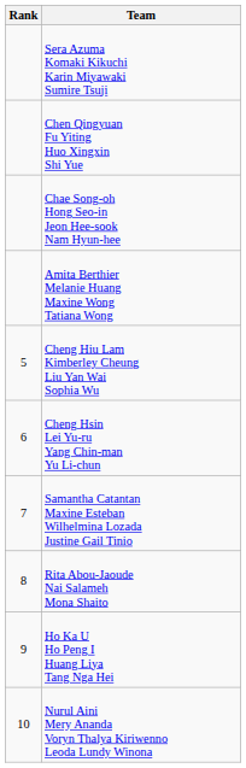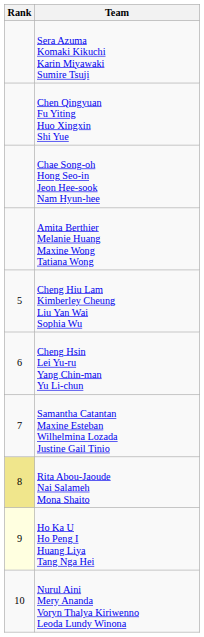 <table class="wikitable" style="text-align: center;">
 <tr>
 <th width=40>Rank</th>
 <th width=250>Team</th>
 </tr>
 <tr>
 <td></td>
 <td align=left><br><a href='#'>Sera Azuma</a><br><a href='#'>Komaki Kikuchi</a><br><a href='#'>Karin Miyawaki</a><br><a href='#'>Sumire Tsuji</a></td>
 </tr>
 <tr>
 <td></td>
 <td align=left><br><a href='#'>Chen Qingyuan</a><br><a href='#'>Fu Yiting</a><br><a href='#'>Huo Xingxin</a><br><a href='#'>Shi Yue</a></td>
 </tr>
 <tr>
 <td></td>
 <td align=left><br><a href='#'>Chae Song-oh</a><br><a href='#'>Hong Seo-in</a><br><a href='#'>Jeon Hee-sook</a><br><a href='#'>Nam Hyun-hee</a></td>
 </tr>
 <tr>
 <td></td>
 <td align=left><br><a href='#'>Amita Berthier</a><br><a href='#'>Melanie Huang</a><br><a href='#'>Maxine Wong</a><br><a href='#'>Tatiana Wong</a></td>
 </tr>
 <tr>
 <td>5</td>
 <td align=left><br><a href='#'>Cheng Hiu Lam</a><br><a href='#'>Kimberley Cheung</a><br><a href='#'>Liu Yan Wai</a><br><a href='#'>Sophia Wu</a></td>
 </tr>
 <tr>
 <td>6</td>
 <td align=left><br><a href='#'>Cheng Hsin</a><br><a href='#'>Lei Yu-ru</a><br><a href='#'>Yang Chin-man</a><br><a href='#'>Yu Li-chun</a></td>
 </tr>
 <tr>
 <td>7</td>
 <td align=left><br><a href='#'>Samantha Catantan</a><br><a href='#'>Maxine Esteban</a><br><a href='#'>Wilhelmina Lozada</a><br><a href='#'>Justine Gail Tinio</a></td>
 </tr>
 <tr>
-<td>8</td>
+<td style="background: khaki;">8</td>
 <td align=left><br><a href='#'>Rita Abou-Jaoude</a><br><a href='#'>Nai Salameh</a><br><a href='#'>Mona Shaito</a></td>
 </tr>
 <tr>
-<td>9</td>
+<td style="background: lightyellow;">9</td>
 <td align=left><br><a href='#'>Ho Ka U</a><br><a href='#'>Ho Peng I</a><br><a href='#'>Huang Liya</a><br><a href='#'>Tang Nga Hei</a></td>
 </tr>
 <tr>
 <td>10</td>
 <td align=left><br><a href='#'>Nurul Aini</a><br><a href='#'>Mery Ananda</a><br><a href='#'>Voryn Thalya Kiriwenno</a><br><a href='#'>Leoda Lundy Winona</a></td>
 </tr>
 </table>
